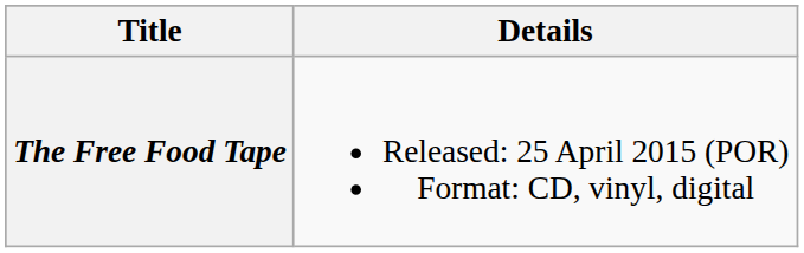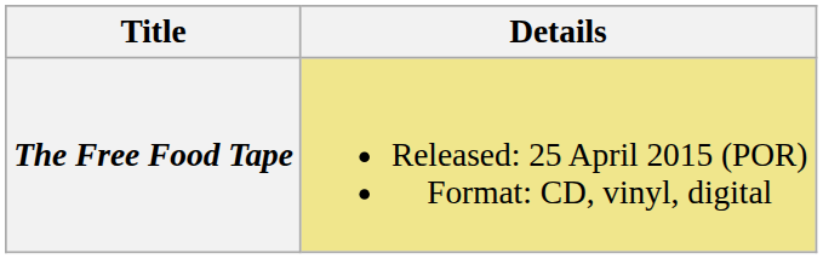 <table class="wikitable plainrowheaders" style="text-align:center;">
 <tr>
 <th scope="col">Title</th>
 <th scope="col">Details</th>
 </tr>
 <tr>
 <th scope="row"><em>The Free Food Tape</em></th>
-<td><br><ul><li>Released: 25 April 2015 <span>(POR)</span></li><li>Format: CD, vinyl, digital</li></ul></td>
+<td style="background: khaki;"><br><ul><li>Released: 25 April 2015 <span>(POR)</span></li><li>Format: CD, vinyl, digital</li></ul></td>
 </tr>
 </table>
